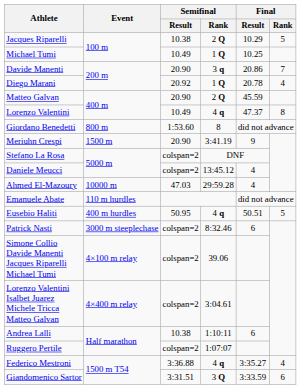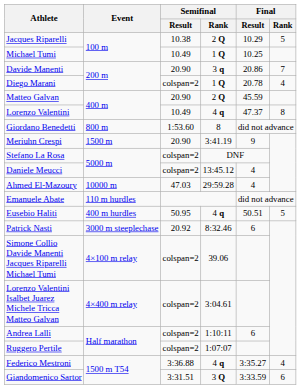 <table class="wikitable" style="font-size:90%">
 <tr>
 <th rowspan="2">Athlete</th>
 <th rowspan="2">Event</th>
 <th colspan="2">Semifinal</th>
 <th colspan="2">Final</th>
 </tr>
 <tr style="font-size:95%">
 <th>Result</th>
 <th>Rank</th>
 <th>Result</th>
 <th>Rank</th>
 </tr>
 <tr align=center>
 <td align=left><a href='#'>Jacques Riparelli</a></td>
 <td align=left rowspan=2><a href='#'>100 m</a></td>
 <td>10.38</td>
 <td>2 <strong>Q</strong></td>
 <td>10.29</td>
 <td>5</td>
 </tr>
 <tr align=center>
 <td align=left><a href='#'>Michael Tumi</a></td>
 <td>10.49</td>
 <td>1 <strong>Q</strong></td>
 <td>10.25</td>
 <td></td>
 </tr>
 <tr align=center>
 <td align=left><a href='#'>Davide Manenti</a></td>
 <td align=left rowspan=2><a href='#'>200 m</a></td>
 <td>20.90</td>
 <td>3 <strong>q</strong></td>
 <td>20.86</td>
 <td>7</td>
 </tr>
 <tr align=center>
 <td align=left><a href='#'>Diego Marani</a></td>
-<td>20.92</td>
+<td>colspan=2 </td>
 <td>1 <strong>Q</strong></td>
 <td>20.78</td>
 <td>4</td>
 </tr>
 <tr align=center>
 <td align=left><a href='#'>Matteo Galvan</a></td>
 <td align=left rowspan=2><a href='#'>400 m</a></td>
 <td>20.90</td>
 <td>2 <strong>Q</strong></td>
 <td>45.59</td>
 <td></td>
 </tr>
 <tr align=center>
 <td align=left><a href='#'>Lorenzo Valentini</a></td>
 <td>10.49</td>
 <td>4 <strong>q</strong></td>
 <td>47.37</td>
 <td>8</td>
 </tr>
 <tr align=center>
 <td align=left><a href='#'>Giordano Benedetti</a></td>
 <td align=left><a href='#'>800 m</a></td>
 <td>1:53.60</td>
 <td>8</td>
 <td colspan=2>did not advance</td>
 </tr>
 <tr align=center>
 <td align=left><a href='#'>Meriuhn Crespi</a></td>
 <td align=left><a href='#'>1500 m</a></td>
 <td>20.90</td>
 <td>3:41.19</td>
 <td>9</td>
 </tr>
 <tr align=center>
 <td align=left><a href='#'>Stefano La Rosa</a></td>
 <td align=left rowspan=2><a href='#'>5000 m</a></td>
 <td>colspan=2 </td>
 <td colspan=2>DNF</td>
 </tr>
 <tr align=center>
 <td align=left><a href='#'>Daniele Meucci</a></td>
 <td>colspan=2 </td>
 <td>13:45.12</td>
 <td>4</td>
 </tr>
 <tr align=center>
 <td align=left><a href='#'>Ahmed El-Mazoury</a></td>
 <td align=left><a href='#'>10000 m</a></td>
 <td>47.03</td>
 <td>29:59.28</td>
 <td>4</td>
 </tr>
 <tr align=center>
 <td align=left><a href='#'>Emanuele Abate</a></td>
 <td align=left><a href='#'>110 m hurdles</a></td>
 <td colspan=2></td>
 <td colspan=2>did not advance</td>
 </tr>
 <tr align=center>
 <td align=left><a href='#'>Eusebio Haliti</a></td>
 <td align=left><a href='#'>400 m hurdles</a></td>
 <td>50.95</td>
 <td>4 <strong>q</strong></td>
 <td>50.51</td>
 <td>5</td>
 </tr>
 <tr align=center>
 <td align=left><a href='#'>Patrick Nasti</a></td>
 <td align=left><a href='#'>3000 m steeplechase</a></td>
-<td>colspan=2 </td>
+<td>20.92</td>
 <td>8:32.46</td>
 <td>6</td>
 </tr>
 <tr align=center>
 <td align=left><a href='#'>Simone Collio</a><br><a href='#'>Davide Manenti</a><br><a href='#'>Jacques Riparelli</a><br><a href='#'>Michael Tumi</a></td>
 <td align=left><a href='#'>4×100 m relay</a></td>
 <td>colspan=2 </td>
 <td>39.06</td>
 <td></td>
 </tr>
 <tr align=center>
 <td align=left><a href='#'>Lorenzo Valentini</a><br><a href='#'>Isalbet Juarez</a><br><a href='#'>Michele Tricca</a><br><a href='#'>Matteo Galvan</a></td>
 <td align=left><a href='#'>4×400 m relay</a></td>
 <td>colspan=2 </td>
 <td>3:04.61</td>
 <td></td>
 </tr>
 <tr align=center>
 <td align=left><a href='#'>Andrea Lalli</a></td>
 <td align=left rowspan=2><a href='#'>Half marathon</a></td>
-<td>10.38</td>
+<td>colspan=2 </td>
 <td>1:10:11</td>
 <td>6</td>
 </tr>
 <tr align=center>
 <td align=left><a href='#'>Ruggero Pertile</a></td>
 <td>colspan=2 </td>
 <td>1:07:07</td>
 <td></td>
 </tr>
 <tr align=center>
 <td align=left><a href='#'>Federico Mestroni</a></td>
 <td align=left rowspan=2><a href='#'>1500 m T54</a></td>
 <td>3:36.88</td>
 <td>4 <strong>q</strong></td>
 <td>3:35.27</td>
 <td>4</td>
 </tr>
 <tr align=center>
 <td align=left><a href='#'>Giandomenico Sartor</a></td>
 <td>3:31.51</td>
 <td>3 <strong>Q</strong></td>
 <td>3:33.59</td>
 <td>6</td>
 </tr>
 </table>
